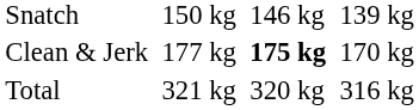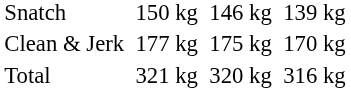 <table>
 <tr>
 <td>Snatch</td>
 <td></td>
 <td>150 kg</td>
 <td></td>
 <td>146 kg</td>
 <td></td>
 <td>139 kg</td>
 </tr>
 <tr>
 <td>Clean & Jerk</td>
 <td></td>
 <td>177 kg</td>
 <td></td>
-<td><strong>175 kg</strong></td>
+<td>175 kg</td>
 <td></td>
 <td>170 kg</td>
 </tr>
 <tr>
 <td>Total</td>
 <td></td>
 <td>321 kg</td>
 <td></td>
 <td>320 kg</td>
 <td></td>
 <td>316 kg</td>
 </tr>
 </table>
